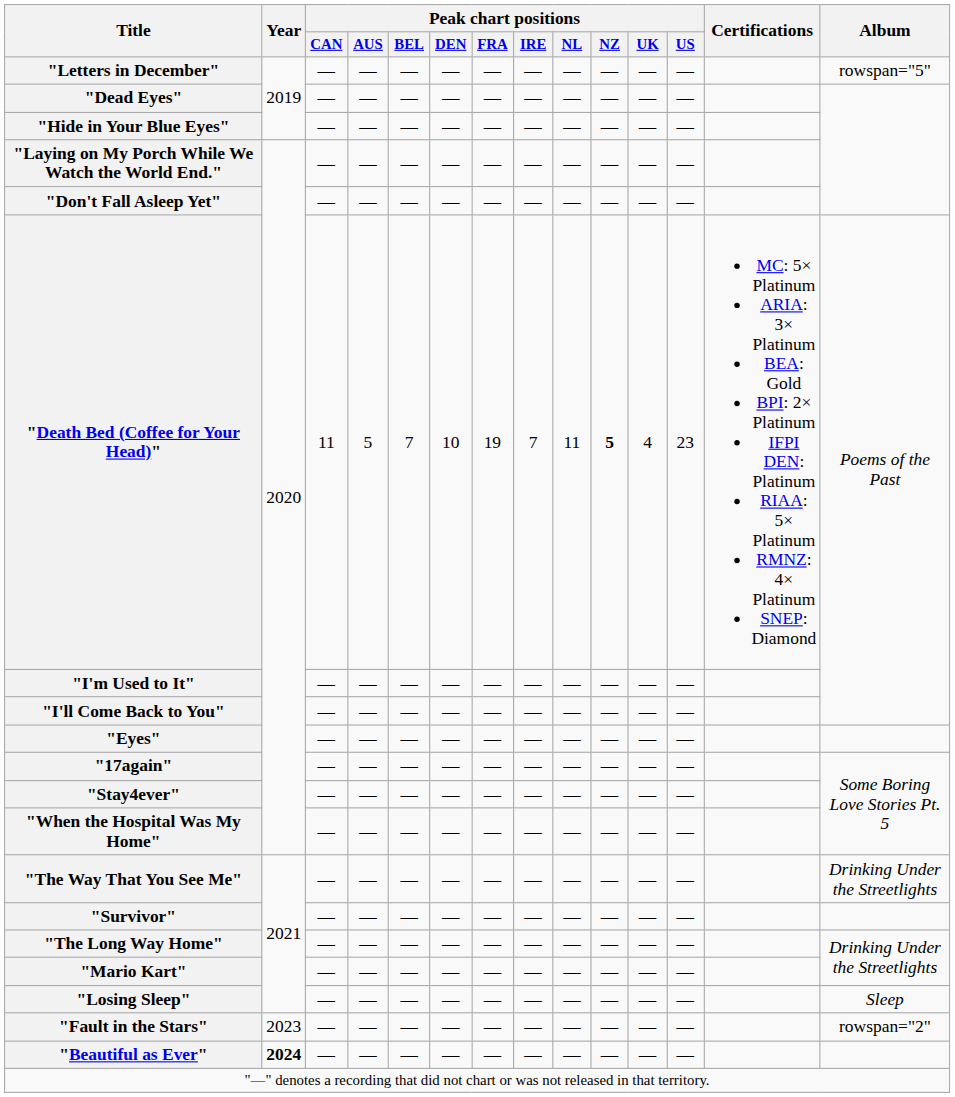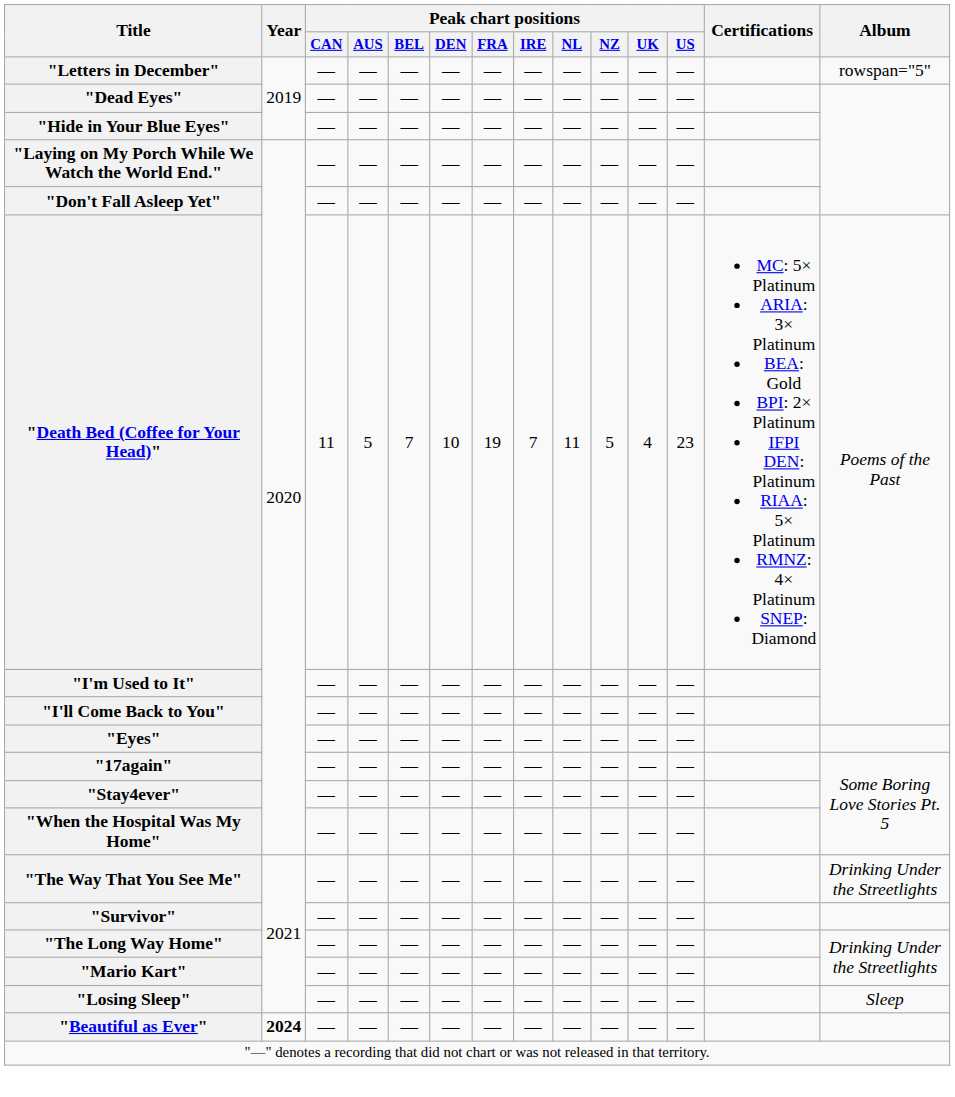 <table class="wikitable plainrowheaders" style="text-align:center;">
 <tr>
 <th scope="col" rowspan="2" style="width:20em;">Title</th>
 <th scope="col" rowspan="2" style="width:1em;">Year</th>
 <th scope="col" colspan="10">Peak chart positions</th>
 <th scope="col" rowspan="2">Certifications</th>
 <th scope="col" rowspan="2" style="width:8em;">Album</th>
 </tr>
 <tr>
 <th scope="col" style="width:2.5em;font-size:85%;"><a href='#'>CAN</a><br></th>
 <th scope="col" style="width:2.5em;font-size:85%;"><a href='#'>AUS</a><br></th>
 <th scope="col" style="width:2.5em;font-size:85%;"><a href='#'>BEL</a><br></th>
 <th scope="col" style="width:2.5em;font-size:85%;"><a href='#'>DEN</a><br></th>
 <th scope="col" style="width:2.5em;font-size:85%;"><a href='#'>FRA</a><br></th>
 <th scope="col" style="width:2.5em;font-size:85%;"><a href='#'>IRE</a><br></th>
 <th scope="col" style="width:2.5em;font-size:85%;"><a href='#'>NL</a><br></th>
 <th scope="col" style="width:2.5em;font-size:85%;"><a href='#'>NZ</a><br></th>
 <th scope="col" style="width:2.5em;font-size:85%;"><a href='#'>UK</a><br></th>
 <th scope="col" style="width:2.5em;font-size:85%;"><a href='#'>US</a><br></th>
 </tr>
 <tr>
 <th scope="row">"Letters in December"<br></th>
 <td rowspan="3">2019</td>
 <td>—</td>
 <td>—</td>
 <td>—</td>
 <td>—</td>
 <td>—</td>
 <td>—</td>
 <td>—</td>
 <td>—</td>
 <td>—</td>
 <td>—</td>
 <td></td>
 <td>rowspan="5" </td>
 </tr>
 <tr>
 <th scope="row">"Dead Eyes"<br></th>
 <td>—</td>
 <td>—</td>
 <td>—</td>
 <td>—</td>
 <td>—</td>
 <td>—</td>
 <td>—</td>
 <td>—</td>
 <td>—</td>
 <td>—</td>
 <td></td>
 </tr>
 <tr>
 <th scope="row">"Hide in Your Blue Eyes"<br></th>
 <td>—</td>
 <td>—</td>
 <td>—</td>
 <td>—</td>
 <td>—</td>
 <td>—</td>
 <td>—</td>
 <td>—</td>
 <td>—</td>
 <td>—</td>
 <td></td>
 </tr>
 <tr>
 <th scope="row">"Laying on My Porch While We Watch the World End."<br></th>
 <td rowspan="9">2020</td>
 <td>—</td>
 <td>—</td>
 <td>—</td>
 <td>—</td>
 <td>—</td>
 <td>—</td>
 <td>—</td>
 <td>—</td>
 <td>—</td>
 <td>—</td>
 <td></td>
 </tr>
 <tr>
 <th scope="row">"Don't Fall Asleep Yet"<br></th>
 <td>—</td>
 <td>—</td>
 <td>—</td>
 <td>—</td>
 <td>—</td>
 <td>—</td>
 <td>—</td>
 <td>—</td>
 <td>—</td>
 <td>—</td>
 <td></td>
 </tr>
 <tr>
 <th scope="row">"<a href='#'>Death Bed (Coffee for Your Head)</a>"<br></th>
 <td>11</td>
 <td>5</td>
 <td>7</td>
 <td>10</td>
 <td>19</td>
 <td>7</td>
 <td>11</td>
-<td><strong>5</strong></td>
+<td>5</td>
 <td>4</td>
 <td>23</td>
 <td><br><ul><li><a href='#'>MC</a>: 5× Platinum</li><li><a href='#'>ARIA</a>: 3× Platinum</li><li><a href='#'>BEA</a>: Gold</li><li><a href='#'>BPI</a>: 2× Platinum</li><li><a href='#'>IFPI DEN</a>: Platinum</li><li><a href='#'>RIAA</a>: 5× Platinum</li><li><a href='#'>RMNZ</a>: 4× Platinum</li><li><a href='#'>SNEP</a>: Diamond</li></ul></td>
 <td rowspan="3"><em>Poems of the Past</em></td>
 </tr>
 <tr>
 <th scope="row">"I'm Used to It"</th>
 <td>—</td>
 <td>—</td>
 <td>—</td>
 <td>—</td>
 <td>—</td>
 <td>—</td>
 <td>—</td>
 <td>—</td>
 <td>—</td>
 <td>—</td>
 <td></td>
 </tr>
 <tr>
 <th scope="row">"I'll Come Back to You"</th>
 <td>—</td>
 <td>—</td>
 <td>—</td>
 <td>—</td>
 <td>—</td>
 <td>—</td>
 <td>—</td>
 <td>—</td>
 <td>—</td>
 <td>—</td>
 <td></td>
 </tr>
 <tr>
 <th scope="row">"Eyes"<br></th>
 <td>—</td>
 <td>—</td>
 <td>—</td>
 <td>—</td>
 <td>—</td>
 <td>—</td>
 <td>—</td>
 <td>—</td>
 <td>—</td>
 <td>—</td>
 <td></td>
 <td></td>
 </tr>
 <tr>
 <th scope="row">"17again"</th>
 <td>—</td>
 <td>—</td>
 <td>—</td>
 <td>—</td>
 <td>—</td>
 <td>—</td>
 <td>—</td>
 <td>—</td>
 <td>—</td>
 <td>—</td>
 <td></td>
 <td rowspan="3"><em>Some Boring Love Stories Pt. 5</em></td>
 </tr>
 <tr>
 <th scope="row">"Stay4ever"<br></th>
 <td>—</td>
 <td>—</td>
 <td>—</td>
 <td>—</td>
 <td>—</td>
 <td>—</td>
 <td>—</td>
 <td>—</td>
 <td>—</td>
 <td>—</td>
 <td></td>
 </tr>
 <tr>
 <th scope="row">"When the Hospital Was My Home"<br></th>
 <td>—</td>
 <td>—</td>
 <td>—</td>
 <td>—</td>
 <td>—</td>
 <td>—</td>
 <td>—</td>
 <td>—</td>
 <td>—</td>
 <td>—</td>
 <td></td>
 </tr>
 <tr>
 <th scope="row">"The Way That You See Me"<br></th>
 <td rowspan="5">2021</td>
 <td>—</td>
 <td>—</td>
 <td>—</td>
 <td>—</td>
 <td>—</td>
 <td>—</td>
 <td>—</td>
 <td>—</td>
 <td>—</td>
 <td>—</td>
 <td></td>
 <td><em>Drinking Under the Streetlights</em></td>
 </tr>
 <tr>
 <th scope="row">"Survivor"<br></th>
 <td>—</td>
 <td>—</td>
 <td>—</td>
 <td>—</td>
 <td>—</td>
 <td>—</td>
 <td>—</td>
 <td>—</td>
 <td>—</td>
 <td>—</td>
 <td></td>
 <td></td>
 </tr>
 <tr>
 <th scope="row">"The Long Way Home"<br></th>
 <td>—</td>
 <td>—</td>
 <td>—</td>
 <td>—</td>
 <td>—</td>
 <td>—</td>
 <td>—</td>
 <td>—</td>
 <td>—</td>
 <td>—</td>
 <td></td>
 <td rowspan="2"><em>Drinking Under the Streetlights</em></td>
 </tr>
 <tr>
 <th scope="row">"Mario Kart"<br></th>
 <td>—</td>
 <td>—</td>
 <td>—</td>
 <td>—</td>
 <td>—</td>
 <td>—</td>
 <td>—</td>
 <td>—</td>
 <td>—</td>
 <td>—</td>
 <td></td>
 </tr>
 <tr>
 <th scope="row">"Losing Sleep"<br></th>
 <td>—</td>
 <td>—</td>
 <td>—</td>
 <td>—</td>
 <td>—</td>
 <td>—</td>
 <td>—</td>
 <td>—</td>
 <td>—</td>
 <td>—</td>
 <td></td>
 <td><em>Sleep</em></td>
 </tr>
 <tr>
-<th scope="row">"Fault in the Stars"<br></th>
-<td>2023</td>
-<td>—</td>
-<td>—</td>
-<td>—</td>
-<td>—</td>
-<td>—</td>
-<td>—</td>
-<td>—</td>
-<td>—</td>
-<td>—</td>
-<td>—</td>
-<td></td>
-<td>rowspan="2" </td>
-</tr>
-<tr>
 <th scope="row">"<a href='#'>Beautiful as Ever</a>"<br></th>
 <td><strong>2024</strong></td>
 <td>—</td>
 <td>—</td>
 <td>—</td>
 <td>—</td>
 <td>—</td>
 <td>—</td>
 <td>—</td>
 <td>—</td>
 <td>—</td>
 <td>—</td>
 <td></td>
 </tr>
 <tr>
 <td colspan="14" style="font-size:85%">"—" denotes a recording that did not chart or was not released in that territory.</td>
 </tr>
 </table>
